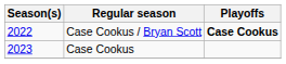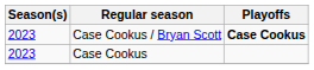 <table class="wikitable">
 <tr>
 <th>Season(s)</th>
 <th>Regular season</th>
 <th>Playoffs</th>
 </tr>
 <tr>
-<td><a href='#'>2022</a></td>
+<td><a href='#'>2023</a></td>
 <td>Case Cookus  / <a href='#'>Bryan Scott</a> </td>
 <td><strong>Case Cookus </strong></td>
 </tr>
 <tr>
 <td><a href='#'>2023</a></td>
 <td>Case Cookus </td>
 <td></td>
 </tr>
 <tr>
 </tr>
 </table>
